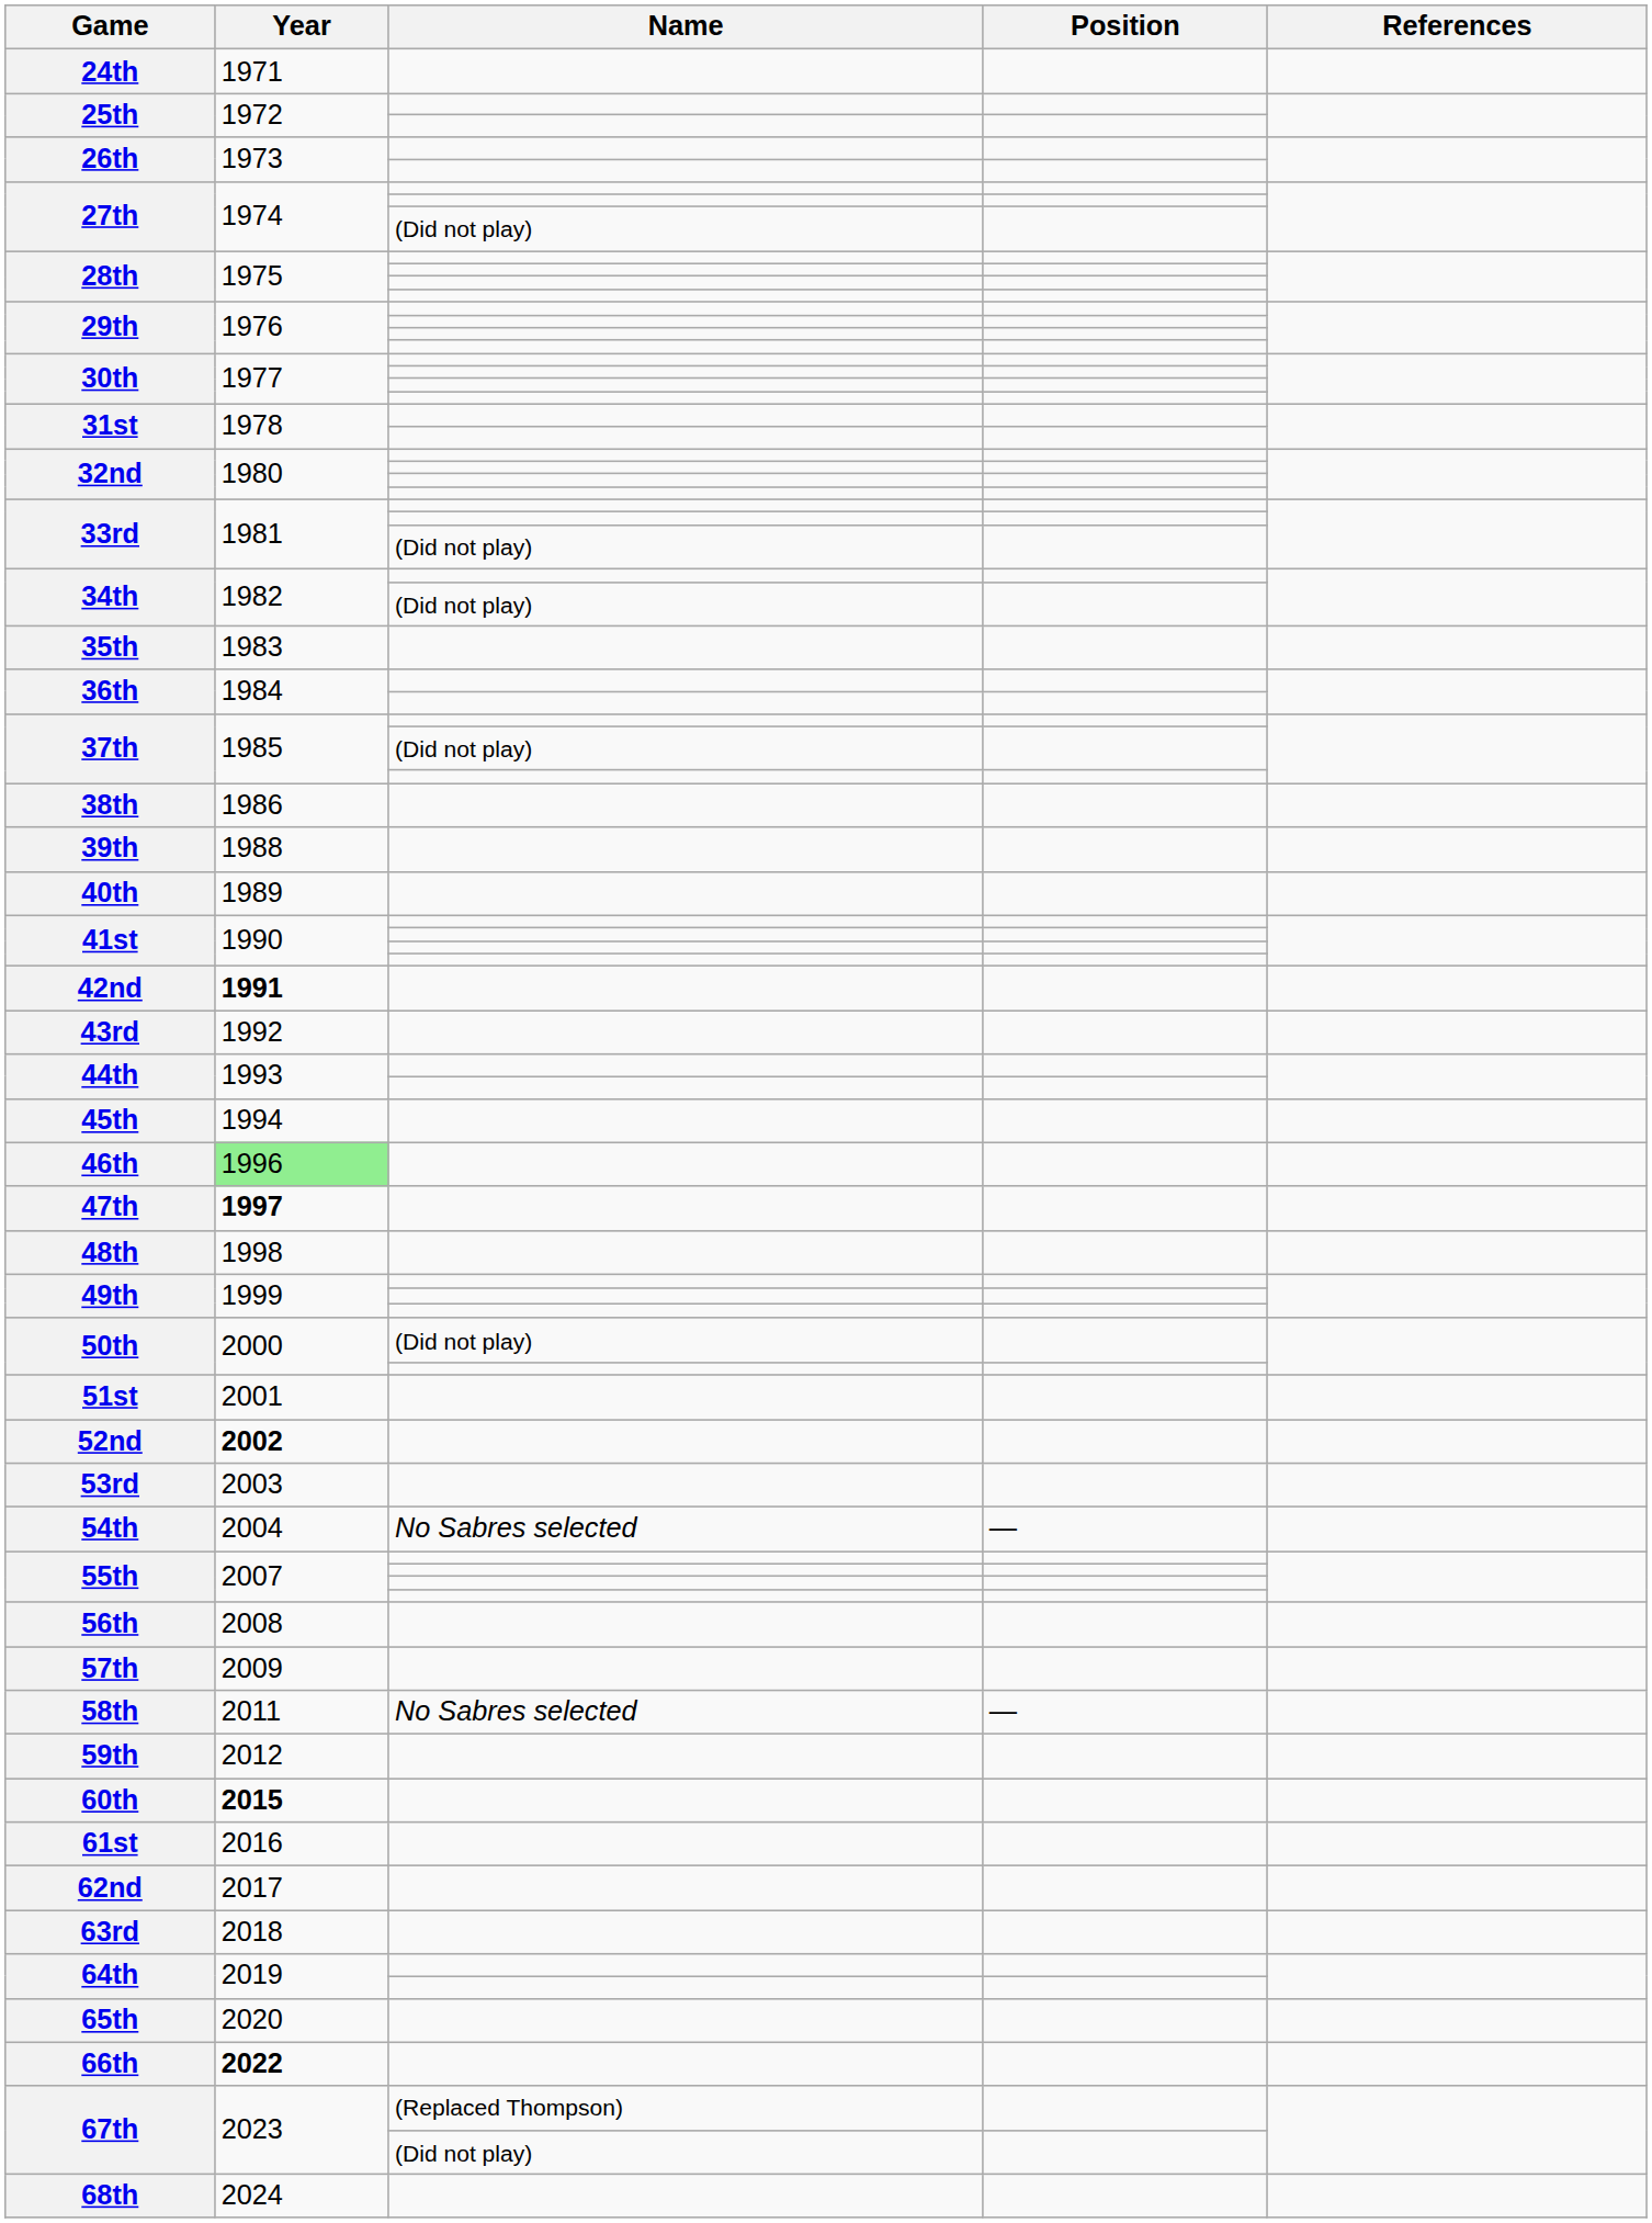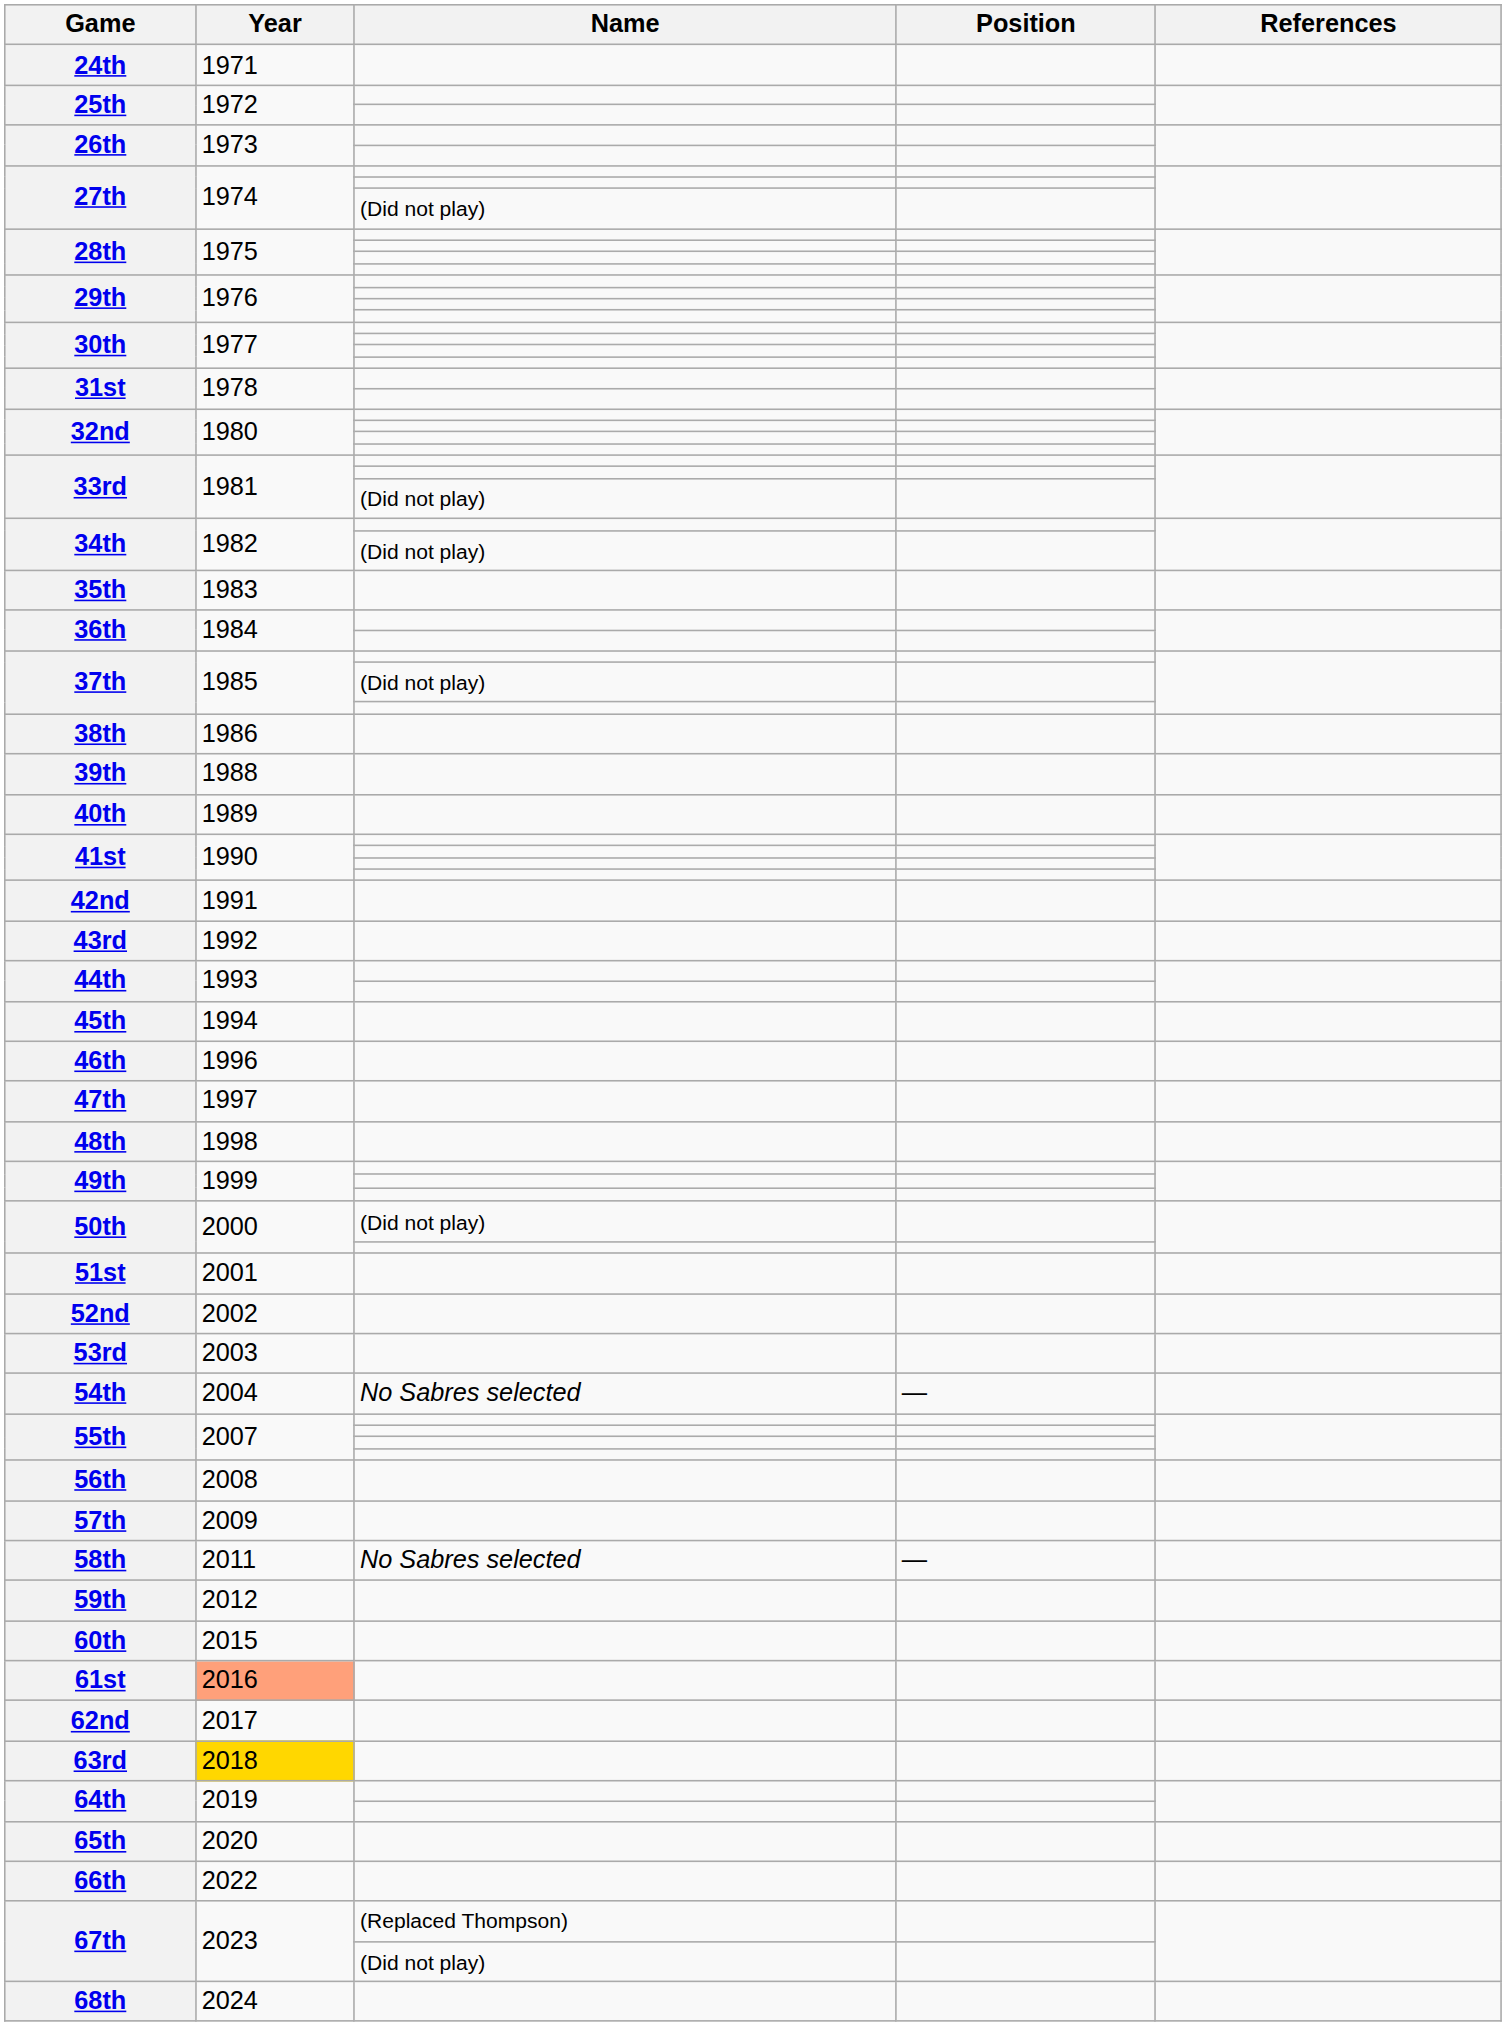 <table class="wikitable sortable" width="75%">
 <tr>
 <th scope="col">Game</th>
 <th scope="col">Year</th>
 <th scope="col">Name</th>
 <th scope="col">Position</th>
 <th scope="col" class="unsortable">References</th>
 </tr>
 <tr>
 <th scope="row"><a href='#'>24th</a></th>
 <td>1971</td>
 <td></td>
 <td></td>
 <td></td>
 </tr>
 <tr>
 <th scope="row" rowspan="2"><a href='#'>25th</a></th>
 <td rowspan="2">1972</td>
 <td></td>
 <td></td>
 <td rowspan="2"></td>
 </tr>
 <tr>
 <td></td>
 <td></td>
 </tr>
 <tr>
 <th scope="row" rowspan="2"><a href='#'>26th</a></th>
 <td rowspan="2">1973</td>
 <td></td>
 <td></td>
 <td rowspan="2"></td>
 </tr>
 <tr>
 <td></td>
 <td></td>
 </tr>
 <tr>
 <th scope="row" rowspan="3"><a href='#'>27th</a></th>
 <td rowspan="3">1974</td>
 <td></td>
 <td></td>
 <td rowspan="3"></td>
 </tr>
 <tr>
 <td></td>
 <td></td>
 </tr>
 <tr>
 <td> <small>(Did not play)</small></td>
 <td></td>
 </tr>
 <tr>
 <th scope="row" rowspan="4"><a href='#'>28th</a></th>
 <td rowspan="4">1975</td>
 <td></td>
 <td></td>
 <td rowspan="4"></td>
 </tr>
 <tr>
 <td></td>
 <td></td>
 </tr>
 <tr>
 <td></td>
 <td></td>
 </tr>
 <tr>
 <td></td>
 <td></td>
 </tr>
 <tr>
 <th scope="row" rowspan="4"><a href='#'>29th</a></th>
 <td rowspan="4">1976</td>
 <td></td>
 <td></td>
 <td rowspan="4"></td>
 </tr>
 <tr>
 <td></td>
 <td></td>
 </tr>
 <tr>
 <td></td>
 <td></td>
 </tr>
 <tr>
 <td></td>
 <td></td>
 </tr>
 <tr>
 <th scope="row" rowspan="4"><a href='#'>30th</a></th>
 <td rowspan="4">1977</td>
 <td></td>
 <td></td>
 <td rowspan="4"></td>
 </tr>
 <tr>
 <td></td>
 <td></td>
 </tr>
 <tr>
 <td></td>
 <td></td>
 </tr>
 <tr>
 <td></td>
 <td></td>
 </tr>
 <tr>
 <th scope="row" rowspan="2"><a href='#'>31st</a></th>
 <td rowspan="2">1978</td>
 <td></td>
 <td></td>
 <td rowspan="2"></td>
 </tr>
 <tr>
 <td></td>
 <td></td>
 </tr>
 <tr>
 <th scope="row" rowspan="4"><a href='#'>32nd</a></th>
 <td rowspan="4">1980</td>
 <td></td>
 <td></td>
 <td rowspan="4"></td>
 </tr>
 <tr>
 <td></td>
 <td></td>
 </tr>
 <tr>
 <td></td>
 <td></td>
 </tr>
 <tr>
 <td></td>
 <td></td>
 </tr>
 <tr>
 <th scope="row" rowspan="3"><a href='#'>33rd</a></th>
 <td rowspan="3">1981</td>
 <td></td>
 <td></td>
 <td rowspan="3"></td>
 </tr>
 <tr>
 <td></td>
 <td></td>
 </tr>
 <tr>
 <td> <small>(Did not play)</small></td>
 <td></td>
 </tr>
 <tr>
 <th scope="row" rowspan="2"><a href='#'>34th</a></th>
 <td rowspan="2">1982</td>
 <td></td>
 <td></td>
 <td rowspan="2"></td>
 </tr>
 <tr>
 <td> <small>(Did not play)</small></td>
 <td></td>
 </tr>
 <tr>
 <th scope="row"><a href='#'>35th</a></th>
 <td>1983</td>
 <td></td>
 <td></td>
 <td></td>
 </tr>
 <tr>
 <th scope="row" rowspan="2"><a href='#'>36th</a></th>
 <td rowspan="2">1984</td>
 <td></td>
 <td></td>
 <td rowspan="2"></td>
 </tr>
 <tr>
 <td></td>
 <td></td>
 </tr>
 <tr>
 <th scope="row" rowspan="3"><a href='#'>37th</a></th>
 <td rowspan="3">1985</td>
 <td></td>
 <td></td>
 <td rowspan="3"></td>
 </tr>
 <tr>
 <td> <small>(Did not play)</small></td>
 <td></td>
 </tr>
 <tr>
 <td></td>
 <td></td>
 </tr>
 <tr>
 <th scope="row"><a href='#'>38th</a></th>
 <td>1986</td>
 <td></td>
 <td></td>
 <td></td>
 </tr>
 <tr>
 <th scope="row"><a href='#'>39th</a></th>
 <td>1988</td>
 <td></td>
 <td></td>
 <td></td>
 </tr>
 <tr>
 <th scope="row"><a href='#'>40th</a></th>
 <td>1989</td>
 <td></td>
 <td></td>
 <td></td>
 </tr>
 <tr>
 <th scope="row" rowspan="4"><a href='#'>41st</a></th>
 <td rowspan="4">1990</td>
 <td></td>
 <td></td>
 <td rowspan="4"></td>
 </tr>
 <tr>
 <td></td>
 <td></td>
 </tr>
 <tr>
 <td></td>
 <td></td>
 </tr>
 <tr>
 <td></td>
 <td></td>
 </tr>
 <tr>
 <th scope="row"><a href='#'>42nd</a></th>
-<td><strong>1991</strong></td>
+<td>1991</td>
 <td></td>
 <td></td>
 <td></td>
 </tr>
 <tr>
 <th scope="row"><a href='#'>43rd</a></th>
 <td>1992</td>
 <td></td>
 <td></td>
 <td></td>
 </tr>
 <tr>
 <th scope="row" rowspan="2"><a href='#'>44th</a></th>
 <td rowspan="2">1993</td>
 <td></td>
 <td></td>
 <td rowspan="2"></td>
 </tr>
 <tr>
 <td></td>
 <td></td>
 </tr>
 <tr>
 <th scope="row"><a href='#'>45th</a></th>
 <td>1994</td>
 <td></td>
 <td></td>
 <td></td>
 </tr>
 <tr>
 <th scope="row"><a href='#'>46th</a></th>
-<td style="background: lightgreen;">1996</td>
+<td>1996</td>
 <td></td>
 <td></td>
 <td></td>
 </tr>
 <tr>
 <th scope="row"><a href='#'>47th</a></th>
-<td><strong>1997</strong></td>
+<td>1997</td>
 <td></td>
 <td></td>
 <td></td>
 </tr>
 <tr>
 <th scope="row"><a href='#'>48th</a></th>
 <td>1998</td>
 <td></td>
 <td></td>
 <td></td>
 </tr>
 <tr>
 <th scope="row" rowspan="3"><a href='#'>49th</a></th>
 <td rowspan="3">1999</td>
 <td></td>
 <td></td>
 <td rowspan="3"></td>
 </tr>
 <tr>
 <td></td>
 <td></td>
 </tr>
 <tr>
 <td></td>
 <td></td>
 </tr>
 <tr>
 <th scope="row" rowspan="2"><a href='#'>50th</a></th>
 <td rowspan="2">2000</td>
 <td> <small>(Did not play)</small></td>
 <td></td>
 <td rowspan="2"></td>
 </tr>
 <tr>
 <td></td>
 <td></td>
 </tr>
 <tr>
 <th scope="row"><a href='#'>51st</a></th>
 <td>2001</td>
 <td></td>
 <td></td>
 <td></td>
 </tr>
 <tr>
 <th scope="row"><a href='#'>52nd</a></th>
-<td><strong>2002</strong></td>
+<td>2002</td>
 <td></td>
 <td></td>
 <td></td>
 </tr>
 <tr>
 <th scope="row"><a href='#'>53rd</a></th>
 <td>2003</td>
 <td></td>
 <td></td>
 <td></td>
 </tr>
 <tr>
 <th scope="row"><a href='#'>54th</a></th>
 <td>2004</td>
 <td><em>No Sabres selected</em></td>
 <td>—</td>
 <td></td>
 </tr>
 <tr>
 <th scope="row" rowspan="4"><a href='#'>55th</a></th>
 <td rowspan="4">2007</td>
 <td></td>
 <td></td>
 <td rowspan="4"></td>
 </tr>
 <tr>
 <td></td>
 <td></td>
 </tr>
 <tr>
 <td></td>
 <td></td>
 </tr>
 <tr>
 <td></td>
 <td></td>
 </tr>
 <tr>
 <th scope="row"><a href='#'>56th</a></th>
 <td>2008</td>
 <td></td>
 <td></td>
 <td></td>
 </tr>
 <tr>
 <th scope="row"><a href='#'>57th</a></th>
 <td>2009</td>
 <td></td>
 <td></td>
 <td></td>
 </tr>
 <tr>
 <th scope="row"><a href='#'>58th</a></th>
 <td>2011</td>
 <td><em>No Sabres selected</em></td>
 <td>—</td>
 <td></td>
 </tr>
 <tr>
 <th scope="row"><a href='#'>59th</a></th>
 <td>2012</td>
 <td></td>
 <td></td>
 <td></td>
 </tr>
 <tr>
 <th scope="row"><a href='#'>60th</a></th>
-<td><strong>2015</strong></td>
+<td>2015</td>
 <td></td>
 <td></td>
 <td></td>
 </tr>
 <tr>
 <th scope="row"><a href='#'>61st</a></th>
-<td>2016</td>
+<td style="background: lightsalmon;">2016</td>
 <td></td>
 <td></td>
 <td></td>
 </tr>
 <tr>
 <th scope="row"><a href='#'>62nd</a></th>
 <td>2017</td>
 <td></td>
 <td></td>
 <td></td>
 </tr>
 <tr>
 <th scope="row"><a href='#'>63rd</a></th>
-<td>2018</td>
+<td style="background: gold;">2018</td>
 <td></td>
 <td></td>
 <td></td>
 </tr>
 <tr>
 <th scope="row" rowspan="2"><a href='#'>64th</a></th>
 <td rowspan="2">2019</td>
 <td></td>
 <td></td>
 <td rowspan="2"></td>
 </tr>
 <tr>
 <td></td>
 <td></td>
 </tr>
 <tr>
 <th scope="row"><a href='#'>65th</a></th>
 <td>2020</td>
 <td></td>
 <td></td>
 <td></td>
 </tr>
 <tr>
 <th scope="row"><a href='#'>66th</a></th>
-<td><strong>2022</strong></td>
+<td>2022</td>
 <td></td>
 <td></td>
 <td></td>
 </tr>
 <tr>
 <th scope="row" rowspan="2"><a href='#'>67th</a></th>
 <td rowspan="2">2023</td>
 <td> <small>(Replaced Thompson)</small></td>
 <td></td>
 <td rowspan="2"></td>
 </tr>
 <tr>
 <td> <small>(Did not play)</small></td>
 <td></td>
 </tr>
 <tr>
 <th scope="row"><a href='#'>68th</a></th>
 <td>2024</td>
 <td></td>
 <td></td>
 <td></td>
 </tr>
 </table>
